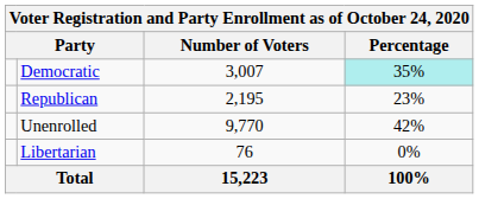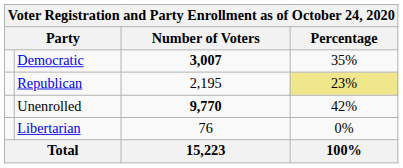 <table class=wikitable>
 <tr>
 <th colspan = 6>Voter Registration and Party Enrollment as of October 24, 2020</th>
 </tr>
 <tr>
 <th colspan = 2>Party</th>
 <th>Number of Voters</th>
 <th>Percentage</th>
 </tr>
 <tr>
 <td></td>
 <td><a href='#'>Democratic</a></td>
-<td align = center>3,007</td>
-<td align = center style="background: paleturquoise;">35%</td>
+<td align = center><strong>3,007</strong></td>
+<td align = center>35%</td>
 </tr>
 <tr>
 <td></td>
 <td><a href='#'>Republican</a></td>
 <td align = center>2,195</td>
-<td align = center>23%</td>
+<td align = center style="background: khaki;">23%</td>
 </tr>
 <tr>
 <td></td>
 <td>Unenrolled</td>
-<td align = center>9,770</td>
+<td align = center><strong>9,770</strong></td>
 <td align = center>42%</td>
 </tr>
 <tr>
 <td></td>
 <td><a href='#'>Libertarian</a></td>
 <td align = center>76</td>
 <td align = center>0%</td>
 </tr>
 <tr>
 <th colspan = 2>Total</th>
 <th align = center>15,223</th>
 <th align = center>100%</th>
 </tr>
 </table>
